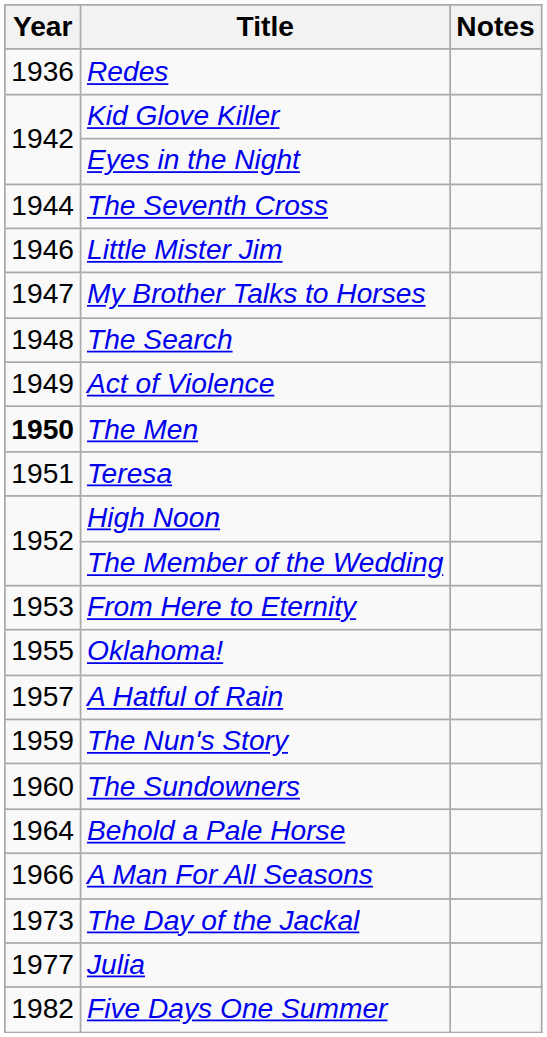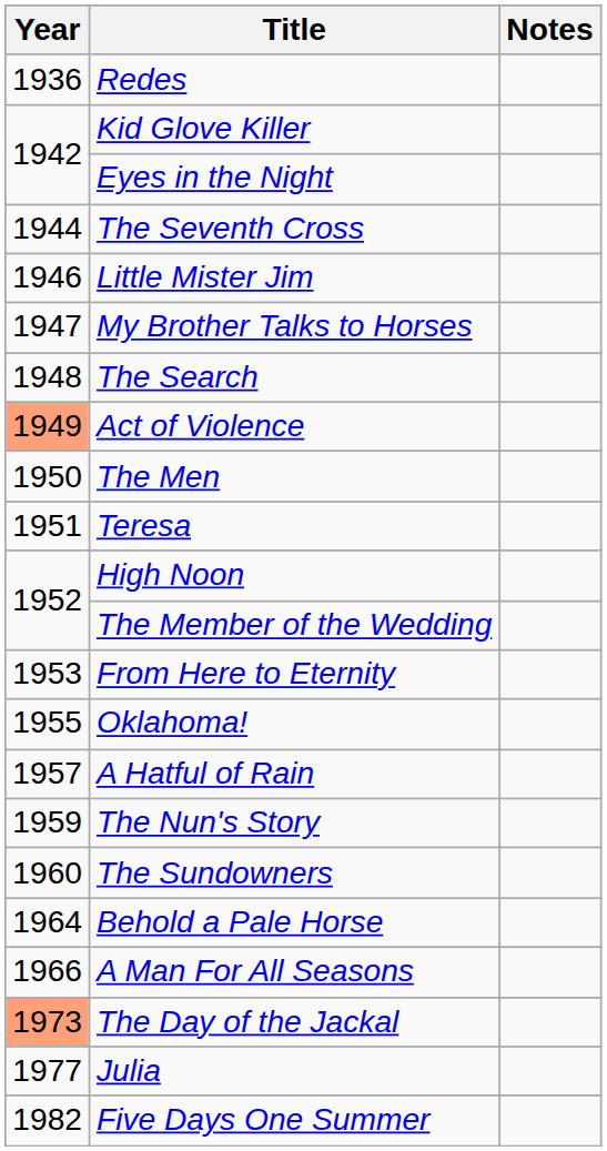 <table class="wikitable">
 <tr>
 <th>Year</th>
 <th>Title</th>
 <th>Notes</th>
 </tr>
 <tr>
 <td>1936</td>
 <td><em><a href='#'>Redes</a></em></td>
 <td></td>
 </tr>
 <tr>
 <td rowspan=2>1942</td>
 <td><em><a href='#'>Kid Glove Killer</a></em></td>
 <td></td>
 </tr>
 <tr>
 <td><em><a href='#'>Eyes in the Night</a></em></td>
 <td></td>
 </tr>
 <tr>
 <td>1944</td>
 <td><em><a href='#'>The Seventh Cross</a></em></td>
 <td></td>
 </tr>
 <tr>
 <td>1946</td>
 <td><em><a href='#'>Little Mister Jim</a></em></td>
 <td></td>
 </tr>
 <tr>
 <td>1947</td>
 <td><em><a href='#'>My Brother Talks to Horses</a></em></td>
 <td></td>
 </tr>
 <tr>
 <td>1948</td>
 <td><em><a href='#'>The Search</a></em></td>
 <td></td>
 </tr>
 <tr>
-<td>1949</td>
+<td style="background: lightsalmon;">1949</td>
 <td><em><a href='#'>Act of Violence</a></em></td>
 <td></td>
 </tr>
 <tr>
-<td><strong>1950</strong></td>
+<td>1950</td>
 <td><em><a href='#'>The Men</a></em></td>
 <td></td>
 </tr>
 <tr>
 <td>1951</td>
 <td><em><a href='#'>Teresa</a></em></td>
 <td></td>
 </tr>
 <tr>
 <td rowspan=2>1952</td>
 <td><em><a href='#'>High Noon</a></em></td>
 <td></td>
 </tr>
 <tr>
 <td><em><a href='#'>The Member of the Wedding</a></em></td>
 <td></td>
 </tr>
 <tr>
 <td>1953</td>
 <td><em><a href='#'>From Here to Eternity</a></em></td>
 <td></td>
 </tr>
 <tr>
 <td>1955</td>
 <td><em><a href='#'>Oklahoma!</a></em></td>
 <td></td>
 </tr>
 <tr>
 <td>1957</td>
 <td><em><a href='#'>A Hatful of Rain</a></em></td>
 <td></td>
 </tr>
 <tr>
 <td>1959</td>
 <td><em><a href='#'>The Nun's Story</a></em></td>
 <td></td>
 </tr>
 <tr>
 <td>1960</td>
 <td><em><a href='#'>The Sundowners</a></em></td>
 <td></td>
 </tr>
 <tr>
 <td>1964</td>
 <td><em><a href='#'>Behold a Pale Horse</a></em></td>
 <td></td>
 </tr>
 <tr>
 <td>1966</td>
 <td><em><a href='#'>A Man For All Seasons</a></em></td>
 <td></td>
 </tr>
 <tr>
-<td>1973</td>
+<td style="background: lightsalmon;">1973</td>
 <td><em><a href='#'>The Day of the Jackal</a></em></td>
 <td></td>
 </tr>
 <tr>
 <td>1977</td>
 <td><em><a href='#'>Julia</a></em></td>
 <td></td>
 </tr>
 <tr>
 <td>1982</td>
 <td><em><a href='#'>Five Days One Summer</a></em></td>
 <td></td>
 </tr>
 <tr>
 </tr>
 </table>
